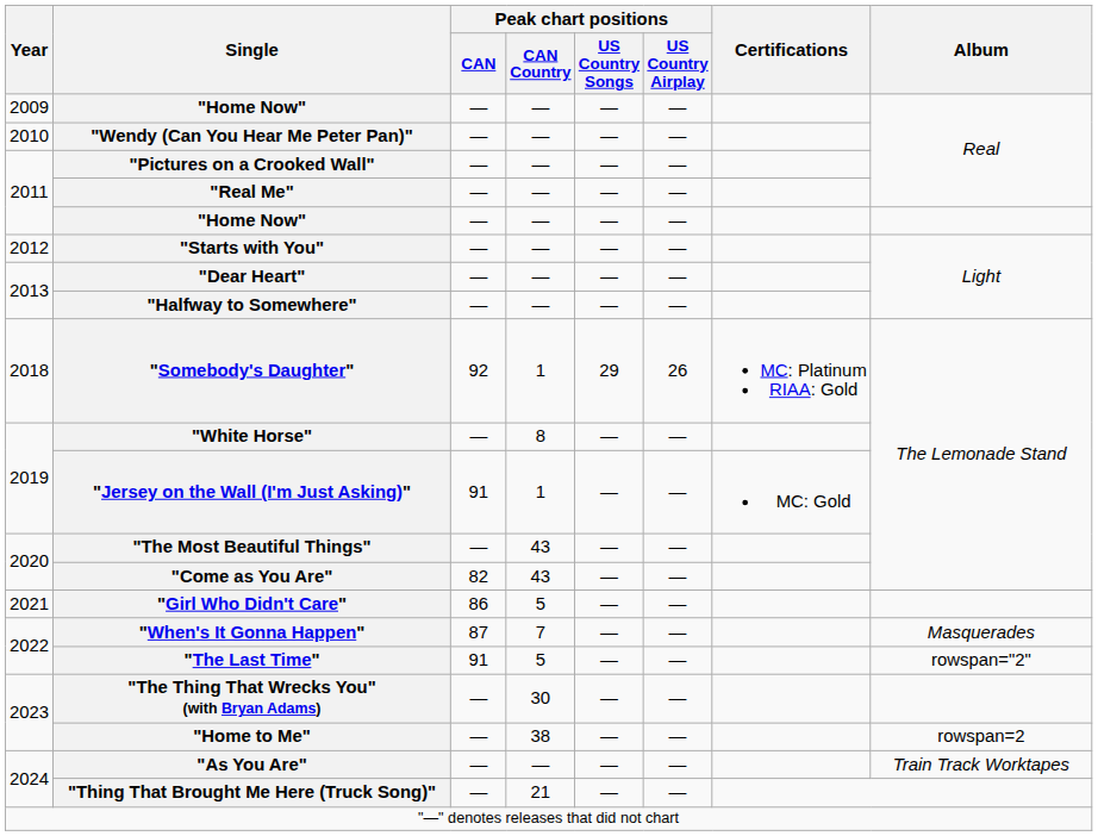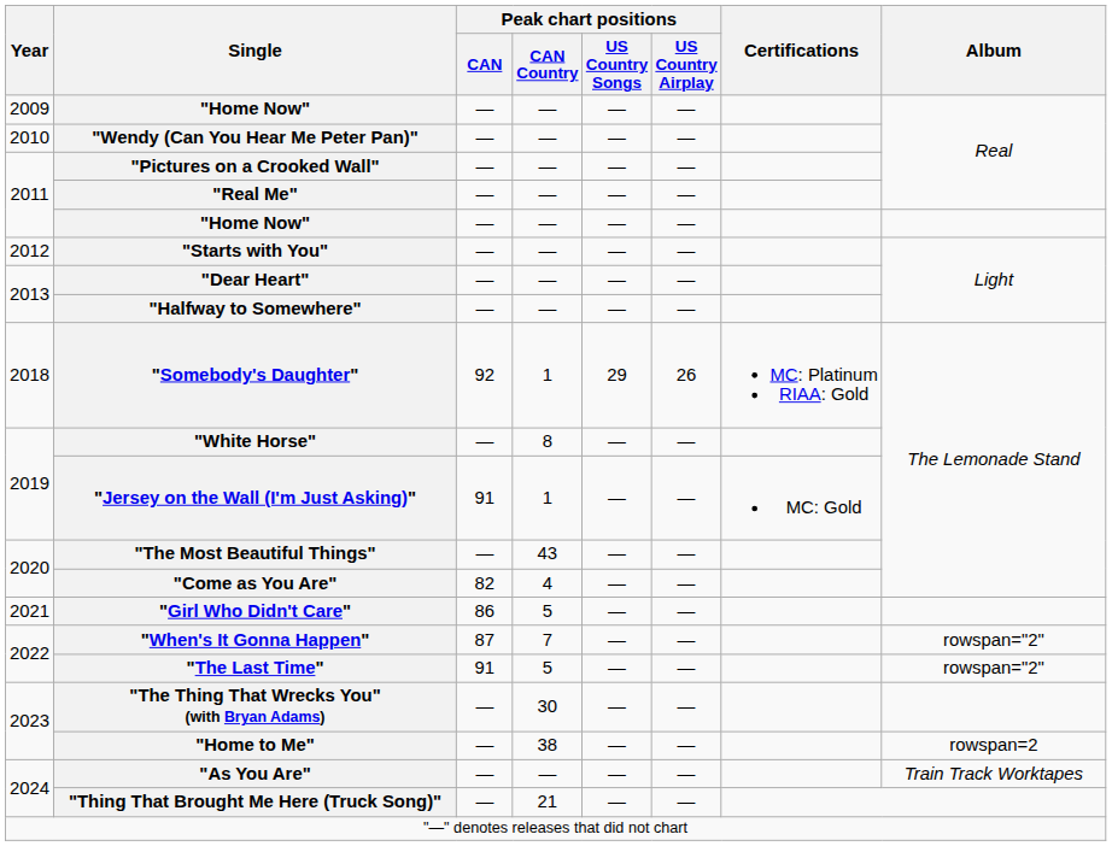 <table class="wikitable plainrowheaders" style="text-align:center">
 <tr>
 <th rowspan="2" style="width:2em;">Year</th>
 <th rowspan="2" style="width:22em;">Single</th>
 <th colspan="4">Peak chart positions</th>
 <th rowspan="2">Certifications</th>
 <th rowspan="2" style="width:12em;">Album</th>
 </tr>
 <tr>
 <th style="width:3em; font-size:90%"><a href='#'>CAN</a><br></th>
 <th style="width:3em; font-size:90%"><a href='#'>CAN Country</a><br></th>
 <th style="width:3em; font-size:90%"><a href='#'>US<br>Country<br>Songs</a><br></th>
 <th style="width:3em; font-size:90%"><a href='#'>US<br>Country<br>Airplay</a><br></th>
 </tr>
 <tr>
 <td>2009</td>
 <th scope="row">"Home Now"</th>
 <td>—</td>
 <td>—</td>
 <td>—</td>
 <td>—</td>
 <td></td>
 <td rowspan="4"><em>Real</em></td>
 </tr>
 <tr>
 <td>2010</td>
 <th scope="row">"Wendy (Can You Hear Me Peter Pan)"</th>
 <td>—</td>
 <td>—</td>
 <td>—</td>
 <td>—</td>
 <td></td>
 </tr>
 <tr>
 <td rowspan="3">2011</td>
 <th scope="row">"Pictures on a Crooked Wall"</th>
 <td>—</td>
 <td>—</td>
 <td>—</td>
 <td>—</td>
 <td></td>
 </tr>
 <tr>
 <th scope="row">"Real Me"</th>
 <td>—</td>
 <td>—</td>
 <td>—</td>
 <td>—</td>
 <td></td>
 </tr>
 <tr>
 <th scope="row">"Home Now"<br> </th>
 <td>—</td>
 <td>—</td>
 <td>—</td>
 <td>—</td>
 <td></td>
 <td></td>
 </tr>
 <tr>
 <td>2012</td>
 <th scope="row">"Starts with You"</th>
 <td>—</td>
 <td>—</td>
 <td>—</td>
 <td>—</td>
 <td></td>
 <td rowspan="3"><em>Light</em></td>
 </tr>
 <tr>
 <td rowspan="2">2013</td>
 <th scope="row">"Dear Heart"</th>
 <td>—</td>
 <td>—</td>
 <td>—</td>
 <td>—</td>
 <td></td>
 </tr>
 <tr>
 <th scope="row">"Halfway to Somewhere"</th>
 <td>—</td>
 <td>—</td>
 <td>—</td>
 <td>—</td>
 <td></td>
 </tr>
 <tr>
 <td>2018</td>
 <th scope="row">"<a href='#'>Somebody's Daughter</a>"</th>
 <td>92</td>
 <td>1</td>
 <td>29</td>
 <td>26</td>
 <td><br><ul><li><a href='#'>MC</a>: Platinum</li><li><a href='#'>RIAA</a>: Gold</li></ul></td>
 <td rowspan="5"><em>The Lemonade Stand</em></td>
 </tr>
 <tr>
 <td rowspan="2">2019</td>
 <th scope="row">"White Horse"</th>
 <td>—</td>
 <td>8</td>
 <td>—</td>
 <td>—</td>
 <td></td>
 </tr>
 <tr>
 <th scope="row">"<a href='#'>Jersey on the Wall (I'm Just Asking)</a>"</th>
 <td>91</td>
 <td>1</td>
 <td>—</td>
 <td>—</td>
 <td><br><ul><li>MC: Gold</li></ul></td>
 </tr>
 <tr>
 <td rowspan="2">2020</td>
 <th scope="row">"The Most Beautiful Things"</th>
 <td>—</td>
 <td>43</td>
 <td>—</td>
 <td>—</td>
 <td></td>
 </tr>
 <tr>
 <th scope="row">"Come as You Are"</th>
 <td>82</td>
-<td>43</td>
+<td>4</td>
 <td>—</td>
 <td>—</td>
 <td></td>
 </tr>
 <tr>
 <td>2021</td>
 <th scope="row">"<a href='#'>Girl Who Didn't Care</a>"</th>
 <td>86</td>
 <td>5</td>
 <td>—</td>
 <td>—</td>
 <td></td>
 <td></td>
 </tr>
 <tr>
 <td rowspan="2">2022</td>
 <th scope="row">"<a href='#'>When's It Gonna Happen</a>"</th>
 <td>87</td>
 <td>7</td>
 <td>—</td>
 <td>—</td>
 <td></td>
-<td><em>Masquerades</em></td>
+<td>rowspan="2" </td>
 </tr>
 <tr>
 <th scope="row">"<a href='#'>The Last Time</a>"</th>
 <td>91</td>
 <td>5</td>
 <td>—</td>
 <td>—</td>
 <td></td>
 <td>rowspan="2" </td>
 </tr>
 <tr>
 <td rowspan="2">2023</td>
 <th scope="row">"The Thing That Wrecks You"<br><small>(with <a href='#'>Bryan Adams</a>)</small></th>
 <td>—</td>
 <td>30</td>
 <td>—</td>
 <td>—</td>
 <td></td>
 </tr>
 <tr>
 <th scope="row">"Home to Me"</th>
 <td>—</td>
 <td>38</td>
 <td>—</td>
 <td>—</td>
 <td></td>
 <td>rowspan=2 </td>
 </tr>
 <tr>
 <td rowspan=2>2024</td>
 <th scope="row">"As You Are"</th>
 <td>—</td>
 <td>—</td>
 <td>—</td>
 <td>—</td>
 <td></td>
 <td><em>Train Track Worktapes</em></td>
 </tr>
 <tr>
 <th scope="row">"Thing That Brought Me Here (Truck Song)"</th>
 <td>—</td>
 <td>21</td>
 <td>—</td>
 <td>—</td>
 </tr>
 <tr>
 <td colspan="8" style="font-size:85%">"—" denotes releases that did not chart</td>
 </tr>
 </table>
